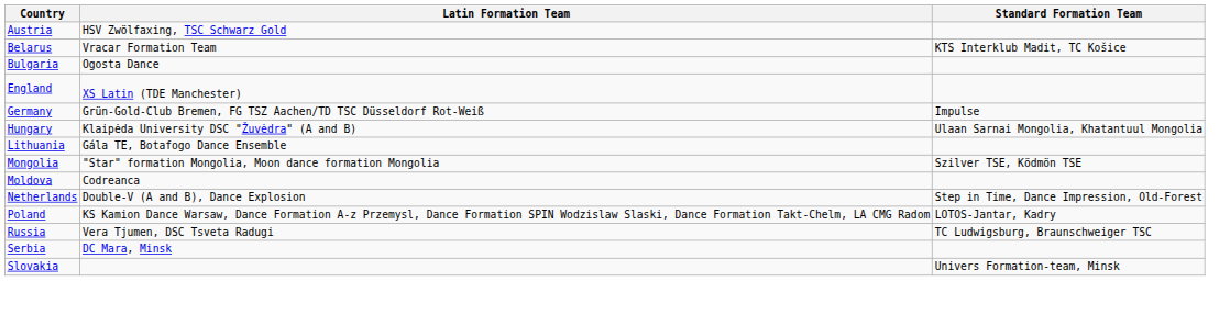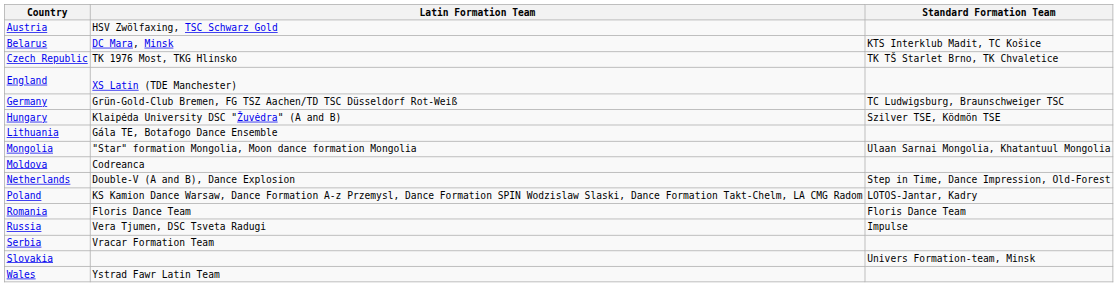 <table class="wikitable" border="1">
 <tr>
 <th>Country</th>
 <th>Latin Formation Team</th>
 <th>Standard Formation Team</th>
 </tr>
 <tr>
 <td><a href='#'>Austria</a></td>
 <td>HSV Zwölfaxing, <a href='#'>TSC Schwarz Gold</a></td>
 <td></td>
 </tr>
 <tr>
 <td><a href='#'>Belarus</a></td>
-<td>Vracar Formation Team</td>
+<td><a href='#'>DC Mara</a>, <a href='#'>Minsk</a></td>
 <td>KTS Interklub Madit, TC Košice</td>
 </tr>
 <tr>
-<td><a href='#'>Bulgaria</a></td>
-<td>Ogosta Dance</td>
-<td></td>
+<td><a href='#'>Czech Republic</a></td>
+<td>TK 1976 Most, TKG Hlinsko</td>
+<td>TK TŠ Starlet Brno, TK Chvaletice</td>
 </tr>
 <tr>
 <td><a href='#'>England</a></td>
 <td><br><a href='#'>XS Latin</a>  (TDE Manchester)</td>
 </tr>
 <tr>
 <td><a href='#'>Germany</a></td>
 <td>Grün-Gold-Club Bremen, FG TSZ Aachen/TD TSC Düsseldorf Rot-Weiß</td>
-<td>Impulse</td>
+<td>TC Ludwigsburg, Braunschweiger TSC</td>
 </tr>
 <tr>
 <td><a href='#'>Hungary</a></td>
 <td>Klaipėda University DSC "<a href='#'>Žuvėdra</a>" (A and B)</td>
-<td>Ulaan Sarnai Mongolia, Khatantuul Mongolia</td>
+<td>Szilver TSE, Ködmön TSE</td>
 </tr>
 <tr>
 <td><a href='#'>Lithuania</a></td>
 <td>Gála TE, Botafogo Dance Ensemble</td>
 <td></td>
 </tr>
 <tr>
 <td><a href='#'>Mongolia</a></td>
 <td>"Star" formation Mongolia, Moon dance formation Mongolia</td>
-<td>Szilver TSE, Ködmön TSE</td>
+<td>Ulaan Sarnai Mongolia, Khatantuul Mongolia</td>
 </tr>
 <tr>
 <td><a href='#'>Moldova</a></td>
 <td>Codreanca</td>
 </tr>
 <tr>
 <td><a href='#'>Netherlands</a></td>
 <td>Double-V (A and B), Dance Explosion</td>
 <td>Step in Time, Dance Impression, Old-Forest</td>
 </tr>
 <tr>
 <td><a href='#'>Poland</a></td>
 <td>KS Kamion Dance Warsaw, Dance Formation A-z Przemysl, Dance Formation SPIN Wodzislaw Slaski, Dance Formation Takt-Chelm, LA CMG Radom</td>
 <td>LOTOS-Jantar, Kadry</td>
 </tr>
 <tr>
+<td><a href='#'>Romania</a></td>
+<td>Floris Dance Team</td>
+<td>Floris Dance Team</td>
+</tr>
+<tr>
 <td><a href='#'>Russia</a></td>
 <td>Vera Tjumen, DSC Tsveta Radugi</td>
-<td>TC Ludwigsburg, Braunschweiger TSC</td>
+<td>Impulse</td>
 </tr>
 <tr>
 <td><a href='#'>Serbia</a></td>
-<td><a href='#'>DC Mara</a>, <a href='#'>Minsk</a></td>
+<td>Vracar Formation Team</td>
 <td></td>
 </tr>
 <tr>
 <td><a href='#'>Slovakia</a></td>
 <td></td>
 <td>Univers Formation-team, Minsk</td>
 </tr>
+<tr>
+<td><a href='#'>Wales</a></td>
+<td>Ystrad Fawr Latin Team</td>
+<td></td>
+</tr>
 </table>
